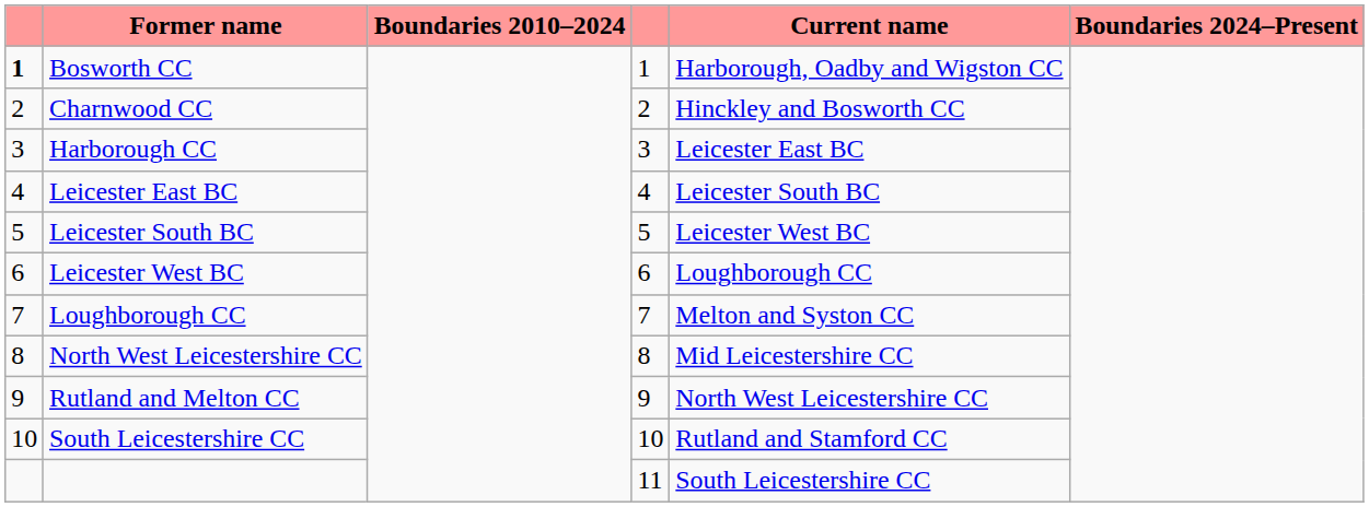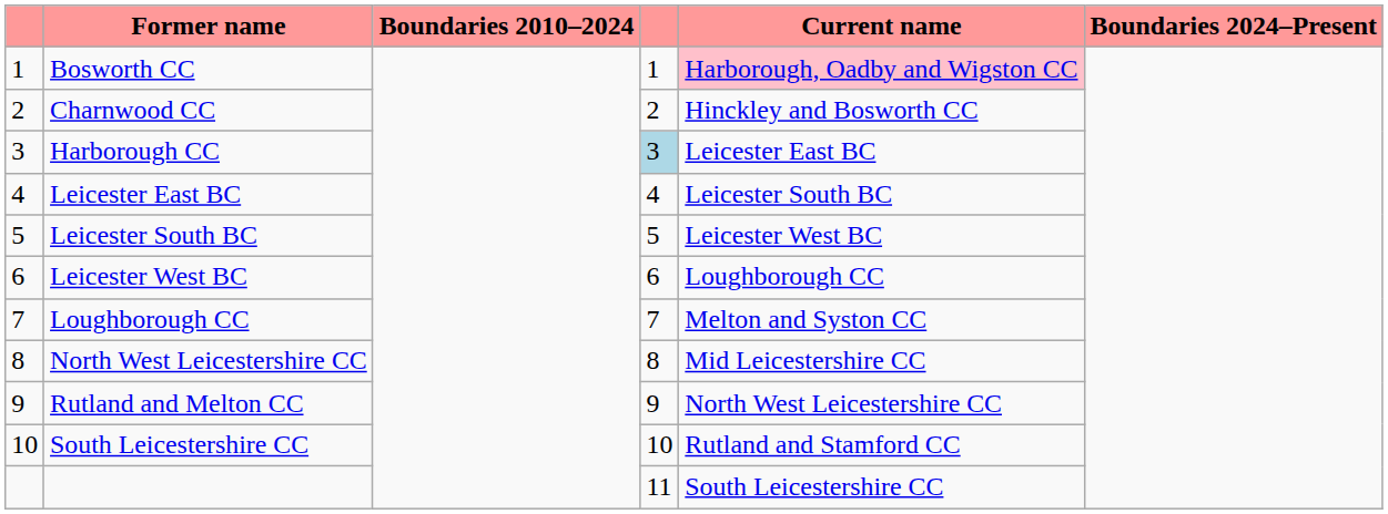 <table class="wikitable">
 <tr>
 <th style="background-color:#ff9999"></th>
 <th style="background-color:#ff9999">Former name</th>
 <th style="background-color:#ff9999">Boundaries 2010–2024</th>
 <th style="background-color:#ff9999"></th>
 <th style="background-color:#ff9999">Current name</th>
 <th style="background-color:#ff9999">Boundaries 2024–Present</th>
 </tr>
 <tr>
-<td><strong>1</strong></td>
+<td>1</td>
 <td><a href='#'>Bosworth CC</a></td>
 <td rowspan="11"></td>
 <td>1</td>
-<td><a href='#'>Harborough, Oadby and Wigston CC</a></td>
+<td style="background: pink;"><a href='#'>Harborough, Oadby and Wigston CC</a></td>
 <td rowspan="11"></td>
 </tr>
 <tr>
 <td>2</td>
 <td><a href='#'>Charnwood CC</a></td>
 <td>2</td>
 <td><a href='#'>Hinckley and Bosworth CC</a></td>
 </tr>
 <tr>
 <td>3</td>
 <td><a href='#'>Harborough CC</a></td>
-<td>3</td>
+<td style="background: lightblue;">3</td>
 <td><a href='#'>Leicester East BC</a></td>
 </tr>
 <tr>
 <td>4</td>
 <td><a href='#'>Leicester East BC</a></td>
 <td>4</td>
 <td><a href='#'>Leicester South BC</a></td>
 </tr>
 <tr>
 <td>5</td>
 <td><a href='#'>Leicester South BC</a></td>
 <td>5</td>
 <td><a href='#'>Leicester West BC</a></td>
 </tr>
 <tr>
 <td>6</td>
 <td><a href='#'>Leicester West BC</a></td>
 <td>6</td>
 <td><a href='#'>Loughborough CC</a></td>
 </tr>
 <tr>
 <td>7</td>
 <td><a href='#'>Loughborough CC</a></td>
 <td>7</td>
 <td><a href='#'>Melton and Syston CC</a></td>
 </tr>
 <tr>
 <td>8</td>
 <td><a href='#'>North West Leicestershire CC</a></td>
 <td>8</td>
 <td><a href='#'>Mid Leicestershire CC</a></td>
 </tr>
 <tr>
 <td>9</td>
 <td><a href='#'>Rutland and Melton CC</a></td>
 <td>9</td>
 <td><a href='#'>North West Leicestershire CC</a></td>
 </tr>
 <tr>
 <td>10</td>
 <td><a href='#'>South Leicestershire CC</a></td>
 <td>10</td>
 <td><a href='#'>Rutland and Stamford CC</a></td>
 </tr>
 <tr>
 <td></td>
 <td></td>
 <td>11</td>
 <td><a href='#'>South Leicestershire CC</a></td>
 </tr>
 </table>
